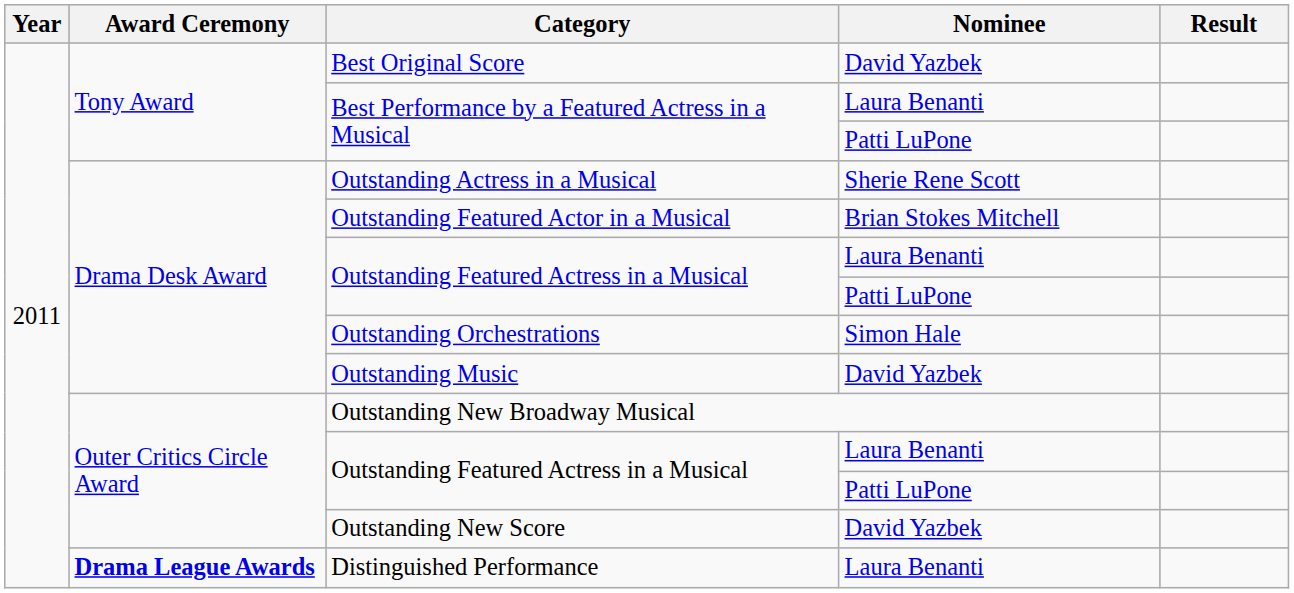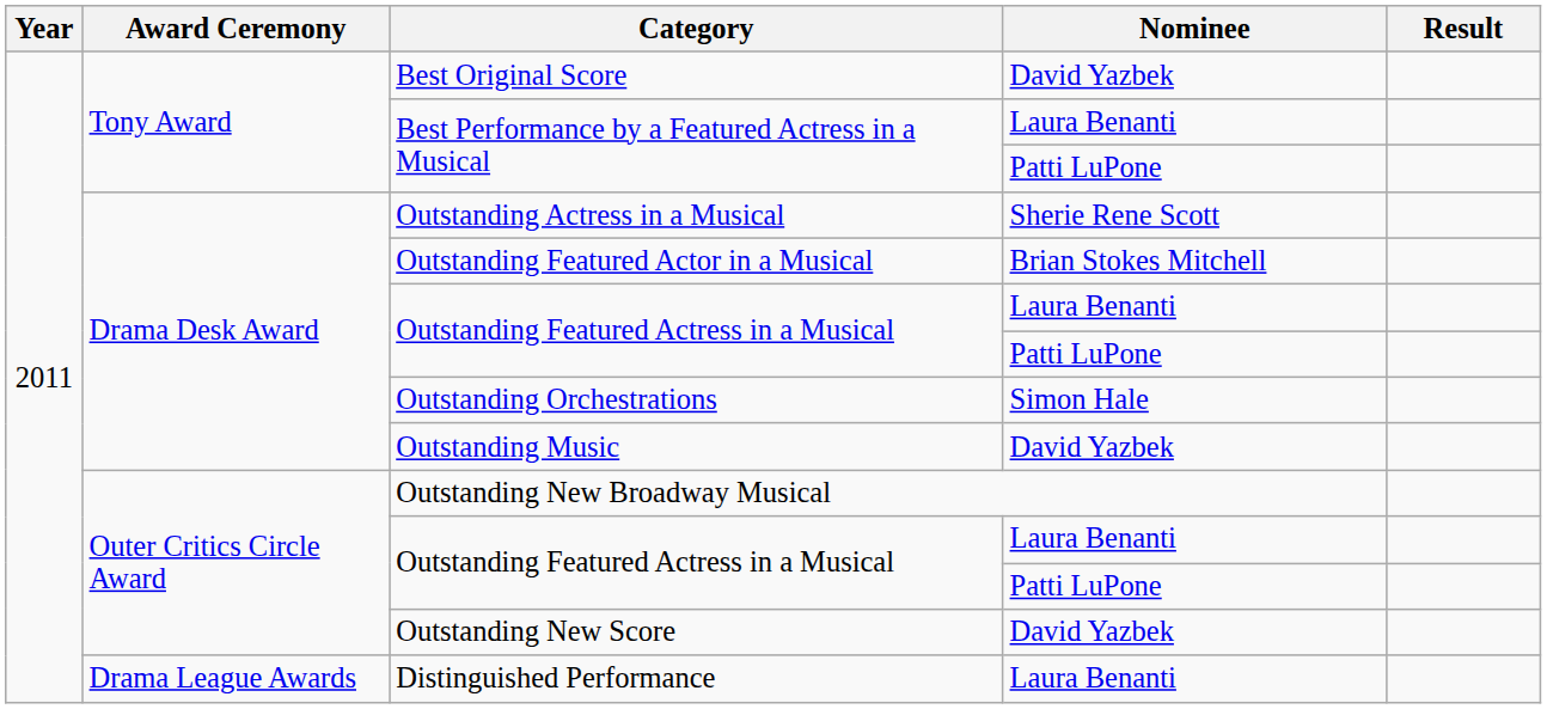 <table class="wikitable" width="95%">
 <tr>
 <th width="5%">Year</th>
 <th width="20%">Award Ceremony</th>
 <th width="40%">Category</th>
 <th width="25%">Nominee</th>
 <th width="10%">Result</th>
 </tr>
 <tr>
 <td rowspan="14" align="center">2011</td>
 <td rowspan="3"><a href='#'>Tony Award</a></td>
 <td><a href='#'>Best Original Score</a></td>
 <td><a href='#'>David Yazbek</a></td>
 <td></td>
 </tr>
 <tr>
 <td rowspan="2"><a href='#'>Best Performance by a Featured Actress in a Musical</a></td>
 <td><a href='#'>Laura Benanti</a></td>
 <td></td>
 </tr>
 <tr>
 <td><a href='#'>Patti LuPone</a></td>
 <td></td>
 </tr>
 <tr>
 <td rowspan="6"><a href='#'>Drama Desk Award</a></td>
 <td><a href='#'>Outstanding Actress in a Musical</a></td>
 <td><a href='#'>Sherie Rene Scott</a></td>
 <td></td>
 </tr>
 <tr>
 <td><a href='#'>Outstanding Featured Actor in a Musical</a></td>
 <td><a href='#'>Brian Stokes Mitchell</a></td>
 <td></td>
 </tr>
 <tr>
 <td rowspan="2"><a href='#'>Outstanding Featured Actress in a Musical</a></td>
 <td><a href='#'>Laura Benanti</a></td>
 <td></td>
 </tr>
 <tr>
 <td><a href='#'>Patti LuPone</a></td>
 <td></td>
 </tr>
 <tr>
 <td><a href='#'>Outstanding Orchestrations</a></td>
 <td><a href='#'>Simon Hale</a></td>
 <td></td>
 </tr>
 <tr>
 <td><a href='#'>Outstanding Music</a></td>
 <td><a href='#'>David Yazbek</a></td>
 <td></td>
 </tr>
 <tr>
 <td rowspan="4"><a href='#'>Outer Critics Circle Award</a></td>
 <td colspan="2">Outstanding New Broadway Musical</td>
 <td></td>
 </tr>
 <tr>
 <td rowspan="2">Outstanding Featured Actress in a Musical</td>
 <td><a href='#'>Laura Benanti</a></td>
 <td></td>
 </tr>
 <tr>
 <td><a href='#'>Patti LuPone</a></td>
 <td></td>
 </tr>
 <tr>
 <td>Outstanding New Score</td>
 <td><a href='#'>David Yazbek</a></td>
 <td></td>
 </tr>
 <tr>
-<td><strong><a href='#'>Drama League Awards</a></strong></td>
+<td><a href='#'>Drama League Awards</a></td>
 <td>Distinguished Performance</td>
 <td><a href='#'>Laura Benanti</a></td>
 <td></td>
 </tr>
 </table>
